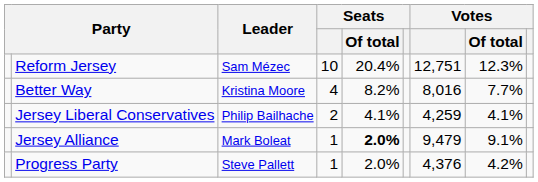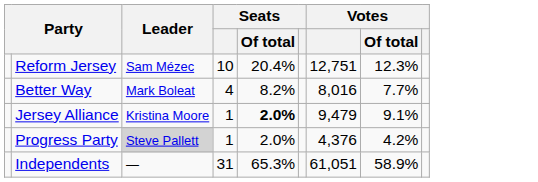 <table class="wikitable sortable" style="text-align:center;">
 <tr>
 <th colspan="2" rowspan="2">Party</th>
 <th rowspan="2">Leader</th>
 <th colspan="3" class="sortable">Seats</th>
 <th colspan="3" class="sortable">Votes</th>
 </tr>
 <tr>
 <th></th>
 <th class="unsortable">Of total</th>
 <th class="unsortable"></th>
 <th></th>
 <th class="unsortable">Of total</th>
 <th class="unsortable"></th>
 </tr>
 <tr>
 <td style="background:"></td>
 <td style="text-align:left;"><a href='#'>Reform Jersey</a></td>
 <td style="text-align:left;"><small><a href='#'>Sam Mézec</a></small></td>
 <td style="text-align:right;">10</td>
 <td style="text-align:right;">20.4%</td>
 <td data-sort-value=""></td>
 <td style="text-align:right;">12,751</td>
 <td style="text-align:right;">12.3%</td>
 <td></td>
 </tr>
 <tr>
 <td style="background:"></td>
 <td style="text-align:left;"><a href='#'>Better Way</a></td>
-<td style="text-align:left;"><small><a href='#'>Kristina Moore</a></small></td>
+<td style="text-align:left;"><small><a href='#'>Mark Boleat</a></small></td>
 <td style="text-align:right;">4</td>
 <td style="text-align:right;">8.2%</td>
 <td data-sort-value=""></td>
 <td style="text-align:right;">8,016</td>
 <td style="text-align:right;">7.7%</td>
 <td></td>
 </tr>
 <tr>
 <td style="background:"></td>
-<td style="text-align:left;"><a href='#'>Jersey Liberal Conservatives</a></td>
-<td style="text-align:left;"><small><a href='#'>Philip Bailhache</a></small></td>
-<td style="text-align:right;">2</td>
-<td style="text-align:right;">4.1%</td>
-<td data-sort-value=""></td>
-<td style="text-align:right;">4,259</td>
-<td style="text-align:right;">4.1%</td>
-<td></td>
-</tr>
-<tr>
-<td style="background:"></td>
 <td style="text-align:left;"><a href='#'>Jersey Alliance</a></td>
-<td style="text-align:left;"><small><a href='#'>Mark Boleat</a></small></td>
+<td style="text-align:left;"><small><a href='#'>Kristina Moore</a></small></td>
 <td style="text-align:right;">1</td>
 <td style="text-align:right;"><strong>2.0%</strong></td>
 <td data-sort-value=""></td>
 <td style="text-align:right;">9,479</td>
 <td style="text-align:right;">9.1%</td>
 <td></td>
 </tr>
 <tr>
 <td style="background:"></td>
 <td style="text-align:left;"><a href='#'>Progress Party</a></td>
-<td style="text-align:left;"><small><a href='#'>Steve Pallett</a></small></td>
+<td style="background: lightgrey; text-align:left;"><small><a href='#'>Steve Pallett</a></small></td>
 <td style="text-align:right;">1</td>
 <td style="text-align:right;">2.0%</td>
 <td data-sort-value=""></td>
 <td style="text-align:right;">4,376</td>
 <td style="text-align:right;">4.2%</td>
 <td></td>
 </tr>
+<tr>
+<td style="background:"></td>
+<td style="text-align:left;"><a href='#'>Independents</a></td>
+<td style="text-align:left;"><small>—</small></td>
+<td style="text-align:right;">31</td>
+<td style="text-align:right;">65.3%</td>
+<td data-sort-value=""></td>
+<td style="text-align:right;">61,051</td>
+<td style="text-align:right;">58.9%</td>
+<td></td>
+</tr>
 </table>
